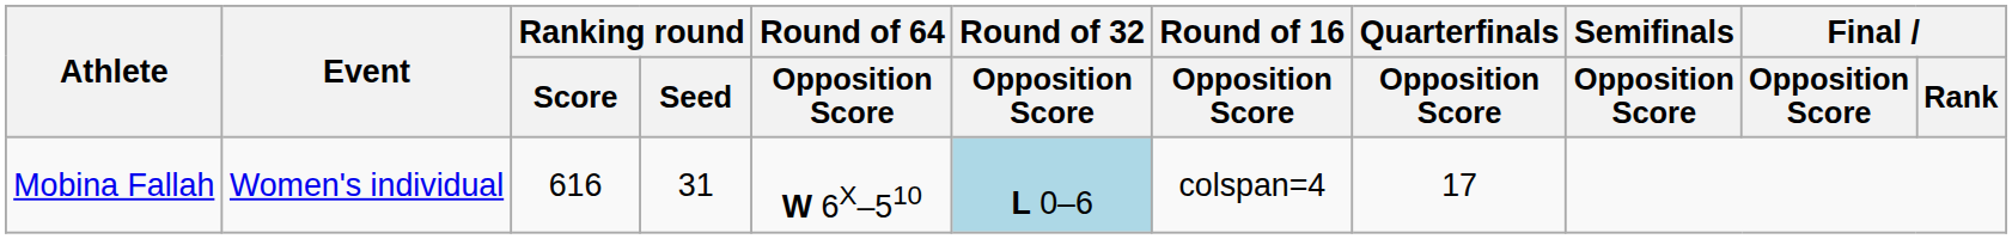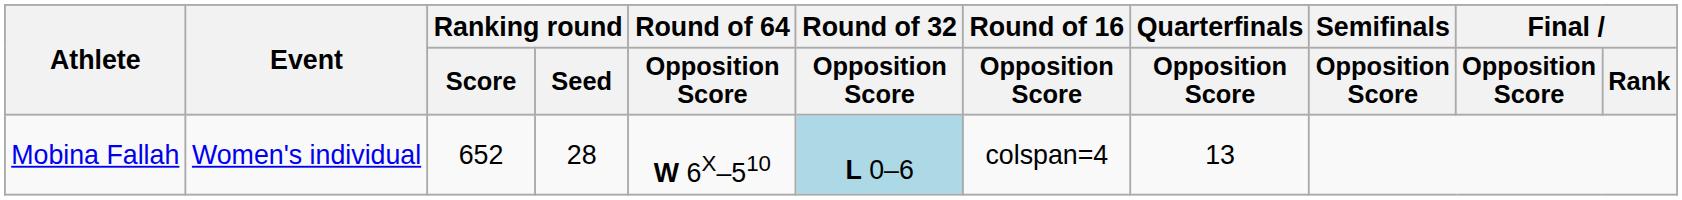 <table class="wikitable" style="font-size:90%">
 <tr>
 <th rowspan=2>Athlete</th>
 <th rowspan=2>Event</th>
 <th colspan="2">Ranking round</th>
 <th>Round of 64</th>
 <th>Round of 32</th>
 <th>Round of 16</th>
 <th>Quarterfinals</th>
 <th>Semifinals</th>
 <th colspan="2">Final / </th>
 </tr>
 <tr style="font-size:95%">
 <th>Score</th>
 <th>Seed</th>
 <th>Opposition<br>Score</th>
 <th>Opposition<br>Score</th>
 <th>Opposition<br>Score</th>
 <th>Opposition<br>Score</th>
 <th>Opposition<br>Score</th>
 <th>Opposition<br>Score</th>
 <th>Rank</th>
 </tr>
 <tr align=center>
 <td align=left><a href='#'>Mobina Fallah</a></td>
 <td align=left><a href='#'>Women's individual</a></td>
-<td>616</td>
-<td>31</td>
+<td>652</td>
+<td>28</td>
 <td><br><strong>W</strong> 6<sup>X</sup>–5<sup>10</sup></td>
 <td style="background: lightblue;"><br><strong>L</strong> 0–6</td>
 <td>colspan=4 </td>
-<td>17</td>
+<td>13</td>
 </tr>
 </table>
